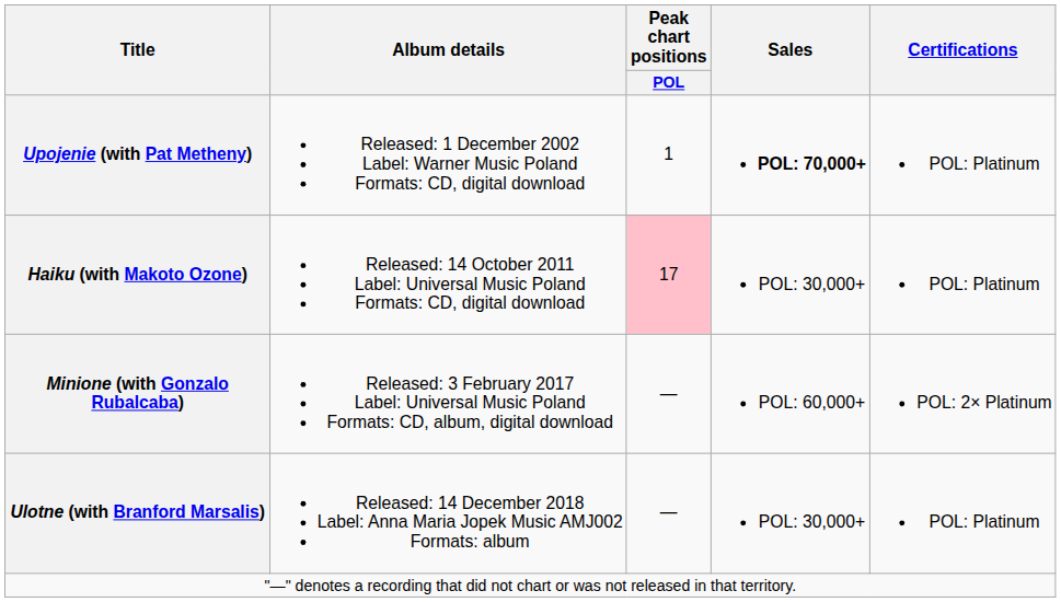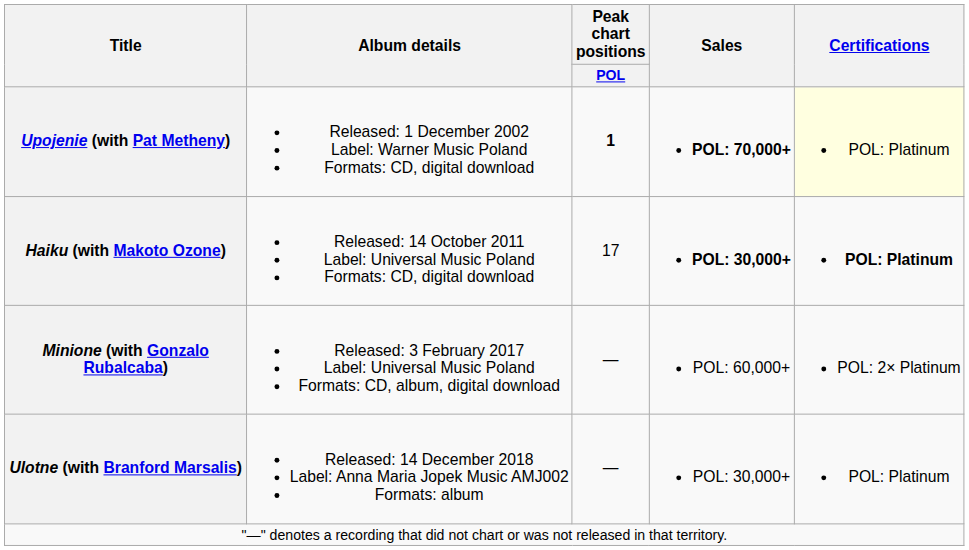 <table class="wikitable plainrowheaders" style="text-align:center;">
 <tr>
 <th scope="col" rowspan="2" style="width:15em;">Title</th>
 <th scope="col" rowspan="2">Album details</th>
 <th scope="col">Peak chart positions</th>
 <th scope="col" rowspan="2">Sales</th>
 <th scope="col" rowspan="2"><a href='#'>Certifications</a></th>
 </tr>
 <tr>
 <th scope="col" style="width:3em;font-size:90%;"><a href='#'>POL</a><br></th>
 </tr>
 <tr>
 <th scope="row"><em><a href='#'>Upojenie</a></em> (with <a href='#'>Pat Metheny</a>)</th>
 <td><br><ul><li>Released: 1 December 2002</li><li>Label: Warner Music Poland</li><li>Formats: CD, digital download</li></ul></td>
-<td>1</td>
+<td><strong>1</strong></td>
 <td><strong><br><ul><li>POL: 70,000+</li></ul></strong></td>
-<td><br><ul><li>POL: Platinum</li></ul></td>
+<td style="background: lightyellow;"><br><ul><li>POL: Platinum</li></ul></td>
 </tr>
 <tr>
 <th scope="row"><em>Haiku</em> (with <a href='#'>Makoto Ozone</a>)</th>
 <td><br><ul><li>Released: 14 October 2011</li><li>Label: Universal Music Poland</li><li>Formats: CD, digital download</li></ul></td>
-<td style="background: pink;">17</td>
-<td><br><ul><li>POL: 30,000+</li></ul></td>
-<td><br><ul><li>POL: Platinum</li></ul></td>
+<td>17</td>
+<td><strong><br><ul><li>POL: 30,000+</li></ul></strong></td>
+<td><strong><br><ul><li>POL: Platinum</li></ul></strong></td>
 </tr>
 <tr>
 <th scope="row"><em>Minione</em> (with <a href='#'>Gonzalo Rubalcaba</a>)</th>
 <td><br><ul><li>Released: 3 February 2017</li><li>Label: Universal Music Poland</li><li>Formats: CD, album, digital download</li></ul></td>
 <td>—</td>
 <td><br><ul><li>POL: 60,000+</li></ul></td>
 <td><br><ul><li>POL: 2× Platinum</li></ul></td>
 </tr>
 <tr>
 <th scope="row"><em>Ulotne</em> (with <a href='#'>Branford Marsalis</a>)</th>
 <td><br><ul><li>Released: 14 December 2018</li><li>Label: Anna Maria Jopek Music AMJ002</li><li>Formats: album</li></ul></td>
 <td>—</td>
 <td><br><ul><li>POL: 30,000+</li></ul></td>
 <td><br><ul><li>POL: Platinum</li></ul></td>
 </tr>
 <tr>
 <td colspan="20" style="font-size:90%">"—" denotes a recording that did not chart or was not released in that territory.</td>
 </tr>
 </table>
